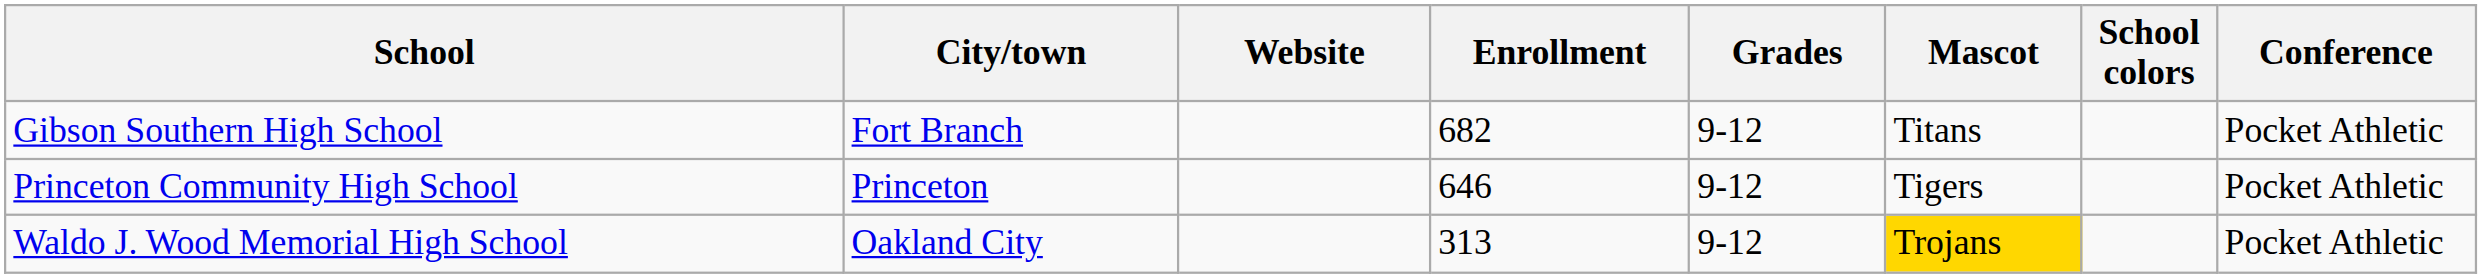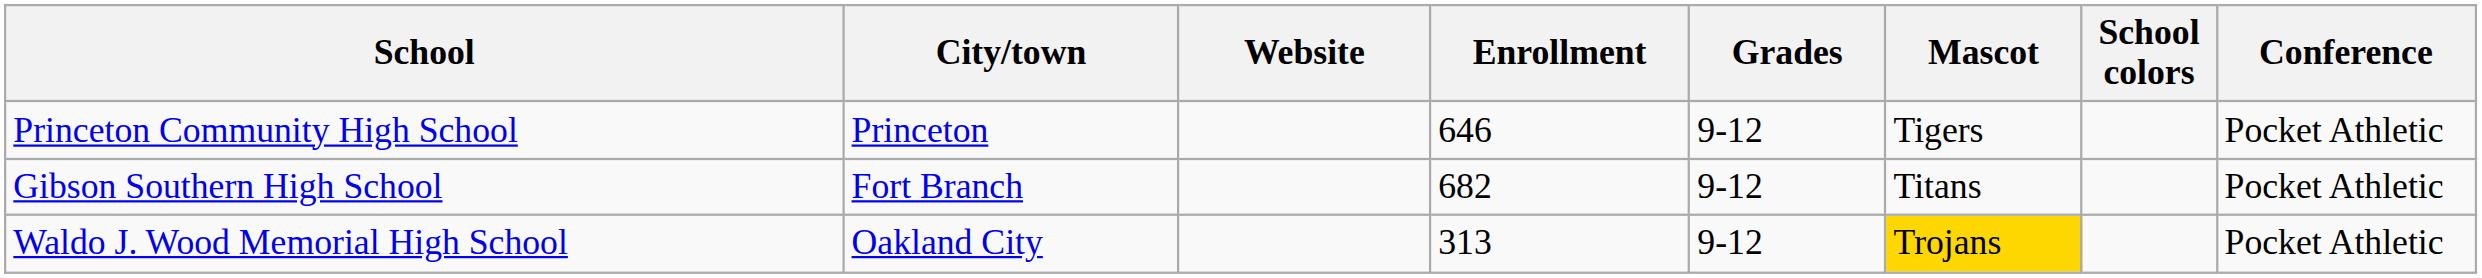 <table class="wikitable sortable" width="70%">
 <tr>
 <th width="20%">School</th>
 <th width="08%">City/town</th>
 <th width="06%">Website</th>
 <th width="04%">Enrollment</th>
 <th width="04%">Grades</th>
 <th width="04%">Mascot</th>
 <th width=01%>School colors</th>
 <th width="04%">Conference</th>
 </tr>
 <tr>
+<td><a href='#'>Princeton Community High School</a></td>
+<td><a href='#'>Princeton</a></td>
+<td></td>
+<td>646</td>
+<td>9-12</td>
+<td>Tigers</td>
+<td> </td>
+<td>Pocket Athletic</td>
+</tr>
+<tr>
 <td><a href='#'>Gibson Southern High School</a></td>
 <td><a href='#'>Fort Branch</a></td>
 <td></td>
 <td>682</td>
 <td>9-12</td>
 <td>Titans</td>
 <td>   </td>
-<td>Pocket Athletic</td>
-</tr>
-<tr>
-<td><a href='#'>Princeton Community High School</a></td>
-<td><a href='#'>Princeton</a></td>
-<td></td>
-<td>646</td>
-<td>9-12</td>
-<td>Tigers</td>
-<td> </td>
 <td>Pocket Athletic</td>
 </tr>
 <tr>
 <td><a href='#'>Waldo J. Wood Memorial High School</a></td>
 <td><a href='#'>Oakland City</a></td>
 <td></td>
 <td>313</td>
 <td>9-12</td>
 <td style="background: gold;">Trojans</td>
 <td>  </td>
 <td>Pocket Athletic</td>
 </tr>
 </table>
